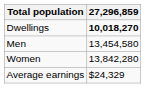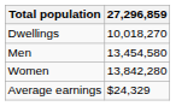 <table class="wikitable">
 <tr>
 <th>Total population</th>
 <th>27,296,859</th>
 </tr>
 <tr>
 <td>Dwellings</td>
-<td><strong>10,018,270</strong></td>
+<td>10,018,270</td>
 </tr>
 <tr>
 <td>Men</td>
 <td>13,454,580</td>
 </tr>
 <tr>
 <td>Women</td>
 <td>13,842,280</td>
 </tr>
 <tr>
 <td>Average earnings</td>
 <td>$24,329</td>
 </tr>
 </table>
